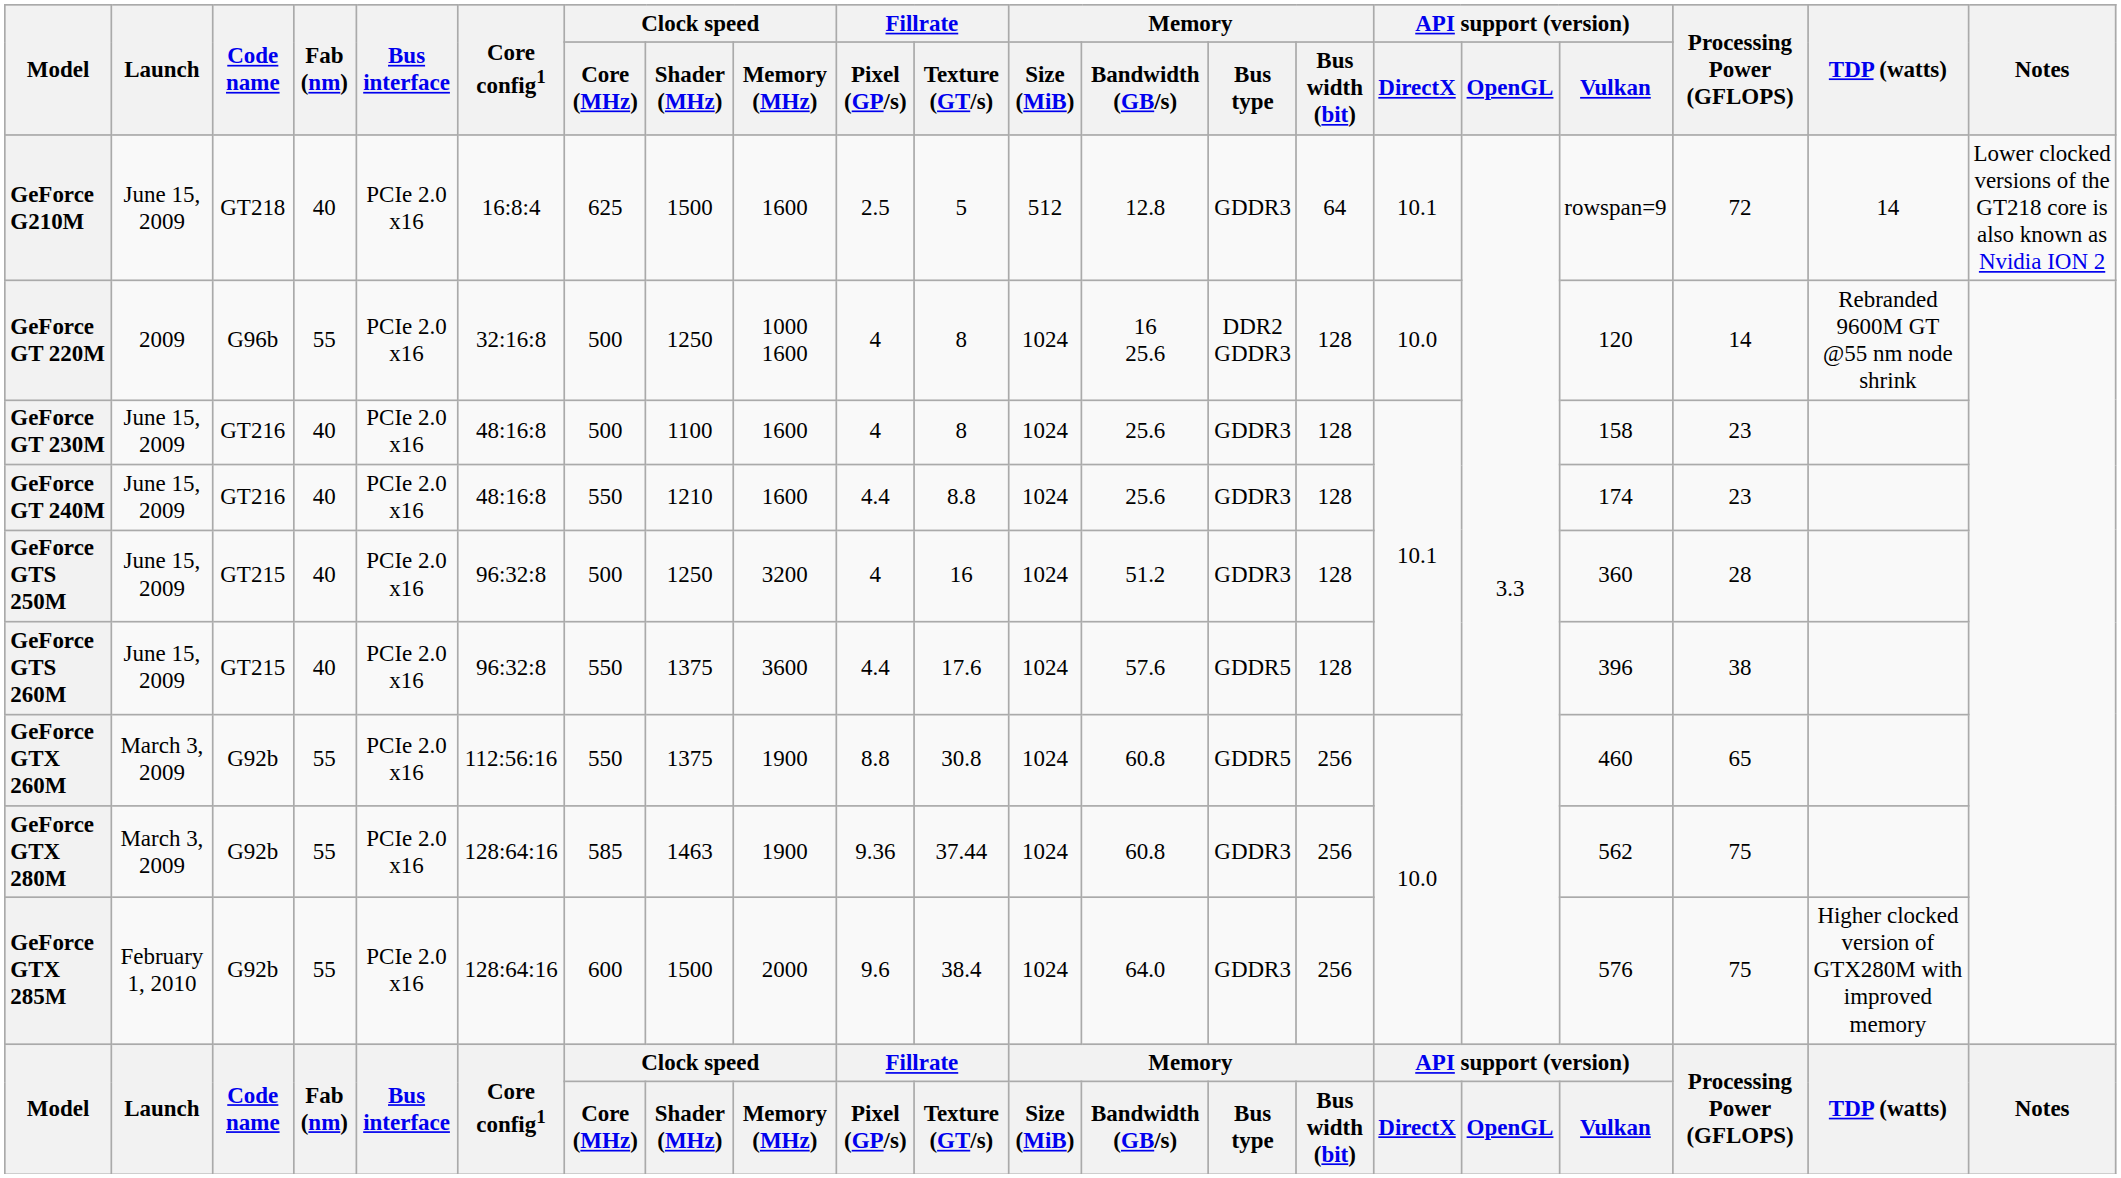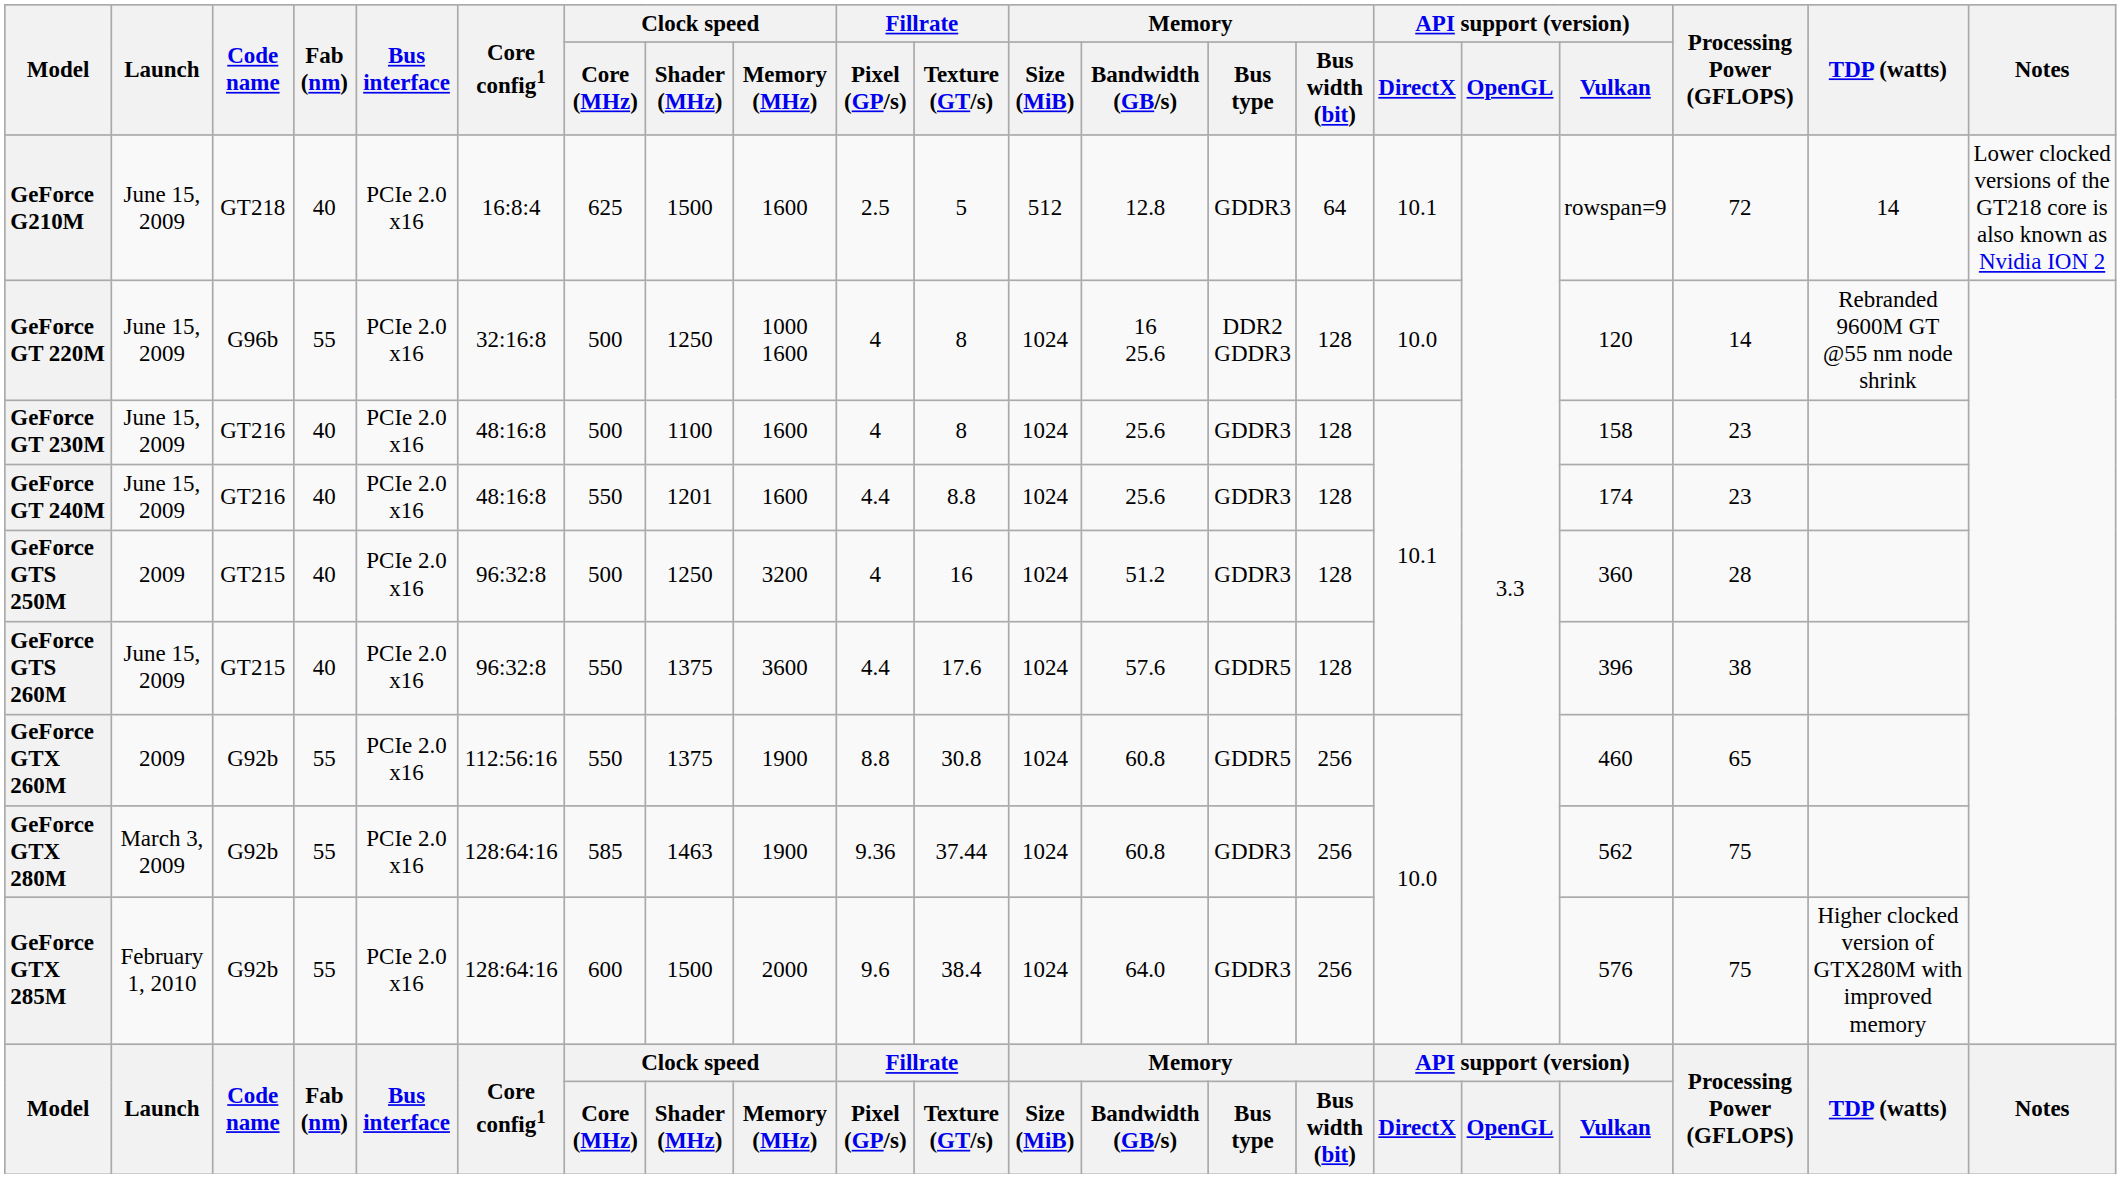 <table class="wikitable sortable sort-under mw-datatable" style="font-size: 85%; text-align: center;">
 <tr>
 <th rowspan=2>Model</th>
 <th rowspan=2>Launch</th>
 <th rowspan=2><a href='#'>Code name</a></th>
 <th rowspan=2>Fab (<a href='#'>nm</a>)</th>
 <th rowspan=2><a href='#'>Bus</a> <a href='#'>interface</a></th>
 <th rowspan=2>Core config<sup>1</sup></th>
 <th colspan=3>Clock speed</th>
 <th colspan=2><a href='#'>Fillrate</a></th>
 <th colspan=4>Memory</th>
 <th colspan=3><a href='#'>API</a> support (version)</th>
 <th rowspan=2>Processing Power (GFLOPS)</th>
 <th rowspan=2><a href='#'>TDP</a> (watts)</th>
 <th rowspan=2>Notes</th>
 </tr>
 <tr>
 <th>Core (<a href='#'>MHz</a>)</th>
 <th>Shader (<a href='#'>MHz</a>)</th>
 <th>Memory (<a href='#'>MHz</a>)</th>
 <th>Pixel (<a href='#'>GP</a>/s)</th>
 <th>Texture (<a href='#'>GT</a>/s)</th>
 <th>Size (<a href='#'>MiB</a>)</th>
 <th>Bandwidth (<a href='#'>GB</a>/s)</th>
 <th>Bus type</th>
 <th>Bus width (<a href='#'>bit</a>)</th>
 <th><a href='#'>DirectX</a></th>
 <th><a href='#'>OpenGL</a></th>
 <th><a href='#'>Vulkan</a></th>
 </tr>
 <tr>
 <th style="text-align:left;">GeForce G210M</th>
 <td>June 15, 2009</td>
 <td>GT218</td>
 <td>40</td>
 <td>PCIe 2.0 x16</td>
 <td>16:8:4</td>
 <td>625</td>
 <td>1500</td>
 <td>1600</td>
 <td>2.5</td>
 <td>5</td>
 <td>512</td>
 <td>12.8</td>
 <td>GDDR3</td>
 <td>64</td>
 <td>10.1</td>
 <td rowspan="9">3.3</td>
 <td>rowspan=9 </td>
 <td>72</td>
 <td>14</td>
 <td>Lower clocked versions of the GT218 core is also known as <a href='#'>Nvidia ION 2</a></td>
 </tr>
 <tr>
 <th style="text-align:left;">GeForce GT 220M</th>
-<td>2009</td>
+<td>June 15, 2009</td>
 <td>G96b</td>
 <td>55</td>
 <td>PCIe 2.0 x16</td>
 <td>32:16:8</td>
 <td>500</td>
 <td>1250</td>
 <td>1000<br>1600</td>
 <td>4</td>
 <td>8</td>
 <td>1024</td>
 <td>16<br>25.6</td>
 <td>DDR2<br>GDDR3</td>
 <td>128</td>
 <td>10.0</td>
 <td>120</td>
 <td>14</td>
 <td>Rebranded 9600M GT @55 nm node shrink</td>
 </tr>
 <tr>
 <th style="text-align:left;">GeForce GT 230M</th>
 <td>June 15, 2009</td>
 <td>GT216</td>
 <td>40</td>
 <td>PCIe 2.0 x16</td>
 <td>48:16:8</td>
 <td>500</td>
 <td>1100</td>
 <td>1600</td>
 <td>4</td>
 <td>8</td>
 <td>1024</td>
 <td>25.6</td>
 <td>GDDR3</td>
 <td>128</td>
 <td rowspan="4">10.1</td>
 <td>158</td>
 <td>23</td>
 <td></td>
 </tr>
 <tr>
 <th style="text-align:left;">GeForce GT 240M</th>
 <td>June 15, 2009</td>
 <td>GT216</td>
 <td>40</td>
 <td>PCIe 2.0 x16</td>
 <td>48:16:8</td>
 <td>550</td>
-<td>1210</td>
+<td>1201</td>
 <td>1600</td>
 <td>4.4</td>
 <td>8.8</td>
 <td>1024</td>
 <td>25.6</td>
 <td>GDDR3</td>
 <td>128</td>
 <td>174</td>
 <td>23</td>
 <td></td>
 </tr>
 <tr>
 <th style="text-align:left;">GeForce GTS 250M</th>
-<td>June 15, 2009</td>
+<td>2009</td>
 <td>GT215</td>
 <td>40</td>
 <td>PCIe 2.0 x16</td>
 <td>96:32:8</td>
 <td>500</td>
 <td>1250</td>
 <td>3200</td>
 <td>4</td>
 <td>16</td>
 <td>1024</td>
 <td>51.2</td>
 <td>GDDR3</td>
 <td>128</td>
 <td>360</td>
 <td>28</td>
 <td></td>
 </tr>
 <tr>
 <th style="text-align:left;">GeForce GTS 260M</th>
 <td>June 15, 2009</td>
 <td>GT215</td>
 <td>40</td>
 <td>PCIe 2.0 x16</td>
 <td>96:32:8</td>
 <td>550</td>
 <td>1375</td>
 <td>3600</td>
 <td>4.4</td>
 <td>17.6</td>
 <td>1024</td>
 <td>57.6</td>
 <td>GDDR5</td>
 <td>128</td>
 <td>396</td>
 <td>38</td>
 <td></td>
 </tr>
 <tr>
 <th style="text-align:left;">GeForce GTX 260M</th>
-<td>March 3, 2009</td>
+<td>2009</td>
 <td>G92b</td>
 <td>55</td>
 <td>PCIe 2.0 x16</td>
 <td>112:56:16</td>
 <td>550</td>
 <td>1375</td>
 <td>1900</td>
 <td>8.8</td>
 <td>30.8</td>
 <td>1024</td>
 <td>60.8</td>
 <td>GDDR5</td>
 <td>256</td>
 <td rowspan="3">10.0</td>
 <td>460</td>
 <td>65</td>
 <td></td>
 </tr>
 <tr>
 <th style="text-align:left;">GeForce GTX 280M</th>
 <td>March 3, 2009</td>
 <td>G92b</td>
 <td>55</td>
 <td>PCIe 2.0 x16</td>
 <td>128:64:16</td>
 <td>585</td>
 <td>1463</td>
 <td>1900</td>
 <td>9.36</td>
 <td>37.44</td>
 <td>1024</td>
 <td>60.8</td>
 <td>GDDR3</td>
 <td>256</td>
 <td>562</td>
 <td>75</td>
 <td></td>
 </tr>
 <tr>
 <th style="text-align:left;">GeForce GTX 285M</th>
 <td>February 1, 2010</td>
 <td>G92b</td>
 <td>55</td>
 <td>PCIe 2.0 x16</td>
 <td>128:64:16</td>
 <td>600</td>
 <td>1500</td>
 <td>2000</td>
 <td>9.6</td>
 <td>38.4</td>
 <td>1024</td>
 <td>64.0</td>
 <td>GDDR3</td>
 <td>256</td>
 <td>576</td>
 <td>75</td>
 <td>Higher clocked version of GTX280M with improved memory</td>
 </tr>
 <tr>
 <th rowspan="2">Model</th>
 <th rowspan="2">Launch</th>
 <th rowspan="2"><a href='#'>Code name</a></th>
 <th rowspan="2">Fab (<a href='#'>nm</a>)</th>
 <th rowspan="2"><a href='#'>Bus</a> <a href='#'>interface</a></th>
 <th rowspan="2">Core config<sup>1</sup></th>
 <th colspan="3">Clock speed</th>
 <th colspan="2"><a href='#'>Fillrate</a></th>
 <th colspan="4">Memory</th>
 <th colspan="3"><a href='#'>API</a> support (version)</th>
 <th rowspan="2">Processing Power (GFLOPS)</th>
 <th rowspan="2"><a href='#'>TDP</a> (watts)</th>
 <th rowspan="2">Notes</th>
 </tr>
 <tr>
 <th>Core (<a href='#'>MHz</a>)</th>
 <th>Shader (<a href='#'>MHz</a>)</th>
 <th>Memory (<a href='#'>MHz</a>)</th>
 <th>Pixel (<a href='#'>GP</a>/s)</th>
 <th>Texture (<a href='#'>GT</a>/s)</th>
 <th>Size (<a href='#'>MiB</a>)</th>
 <th>Bandwidth (<a href='#'>GB</a>/s)</th>
 <th>Bus type</th>
 <th>Bus width (<a href='#'>bit</a>)</th>
 <th><a href='#'>DirectX</a></th>
 <th><a href='#'>OpenGL</a></th>
 <th><a href='#'>Vulkan</a></th>
 </tr>
 </table>
